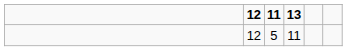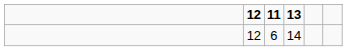 <table class="wikitable">
 <tr>
 <td style="width:18em"><strong></strong></td>
 <td align=center style="width:1em"><strong>12</strong></td>
 <td align=center style="width:1em"><strong>11</strong></td>
 <td align=center style="width:1em"><strong>13</strong></td>
 <td align=center style="width:1em"></td>
 <td align=center style="width:1em"></td>
 </tr>
 <tr>
 <td style="width:18em"></td>
 <td align=center style="width:1em">12</td>
-<td align=center style="width:1em">5</td>
-<td align=center style="width:1em">11</td>
+<td align=center style="width:1em">6</td>
+<td align=center style="width:1em">14</td>
 <td align=center style="width:1em"></td>
 <td align=center style="width:1em"></td>
 </tr>
 </table>
